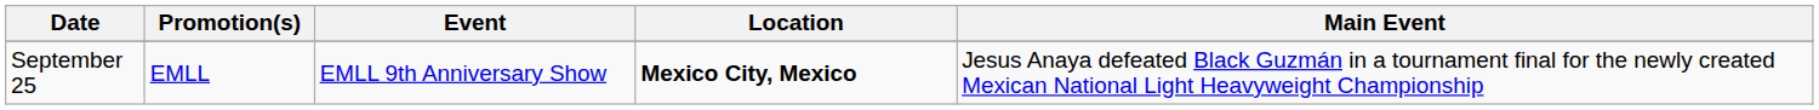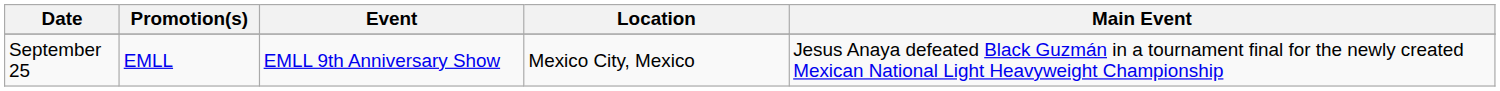 <table class="wikitable" style="width:100%;">
 <tr>
 <th width=5%>Date</th>
 <th width=5%>Promotion(s)</th>
 <th style="width:15%;">Event</th>
 <th style="width:15%;">Location</th>
 <th style="width:40%;">Main Event</th>
 </tr>
 <tr style="width:20%;"| Notes>
 </tr>
 <tr>
 <td>September 25</td>
 <td><a href='#'>EMLL</a></td>
 <td><a href='#'>EMLL 9th Anniversary Show</a></td>
-<td><strong>Mexico City, Mexico</strong></td>
+<td>Mexico City, Mexico</td>
 <td>Jesus Anaya defeated <a href='#'>Black Guzmán</a> in a tournament final for the newly created <a href='#'>Mexican National Light Heavyweight Championship</a></td>
 </tr>
 </table>
